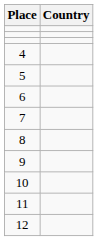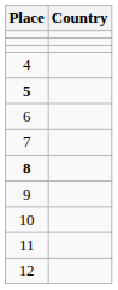 <table class="wikitable" style="font-size:95%;">
 <tr>
 <th>Place</th>
 <th>Country</th>
 </tr>
 <tr>
 <td align=center></td>
 <td></td>
 </tr>
 <tr>
 <td align=center></td>
 <td></td>
 </tr>
 <tr>
 <td align=center></td>
 <td></td>
 </tr>
 <tr>
 <td align=center>4</td>
 <td></td>
 </tr>
 <tr>
-<td align=center>5</td>
+<td align=center><strong>5</strong></td>
 <td></td>
 </tr>
 <tr>
 <td align=center>6</td>
 <td></td>
 </tr>
 <tr>
 <td align=center>7</td>
 <td></td>
 </tr>
 <tr>
-<td align=center>8</td>
+<td align=center><strong>8</strong></td>
 <td></td>
 </tr>
 <tr>
 <td align=center>9</td>
 <td></td>
 </tr>
 <tr>
 <td align=center>10</td>
 <td></td>
 </tr>
 <tr>
 <td align=center>11</td>
 <td></td>
 </tr>
 <tr>
 <td align=center>12</td>
 <td></td>
 </tr>
 </table>
